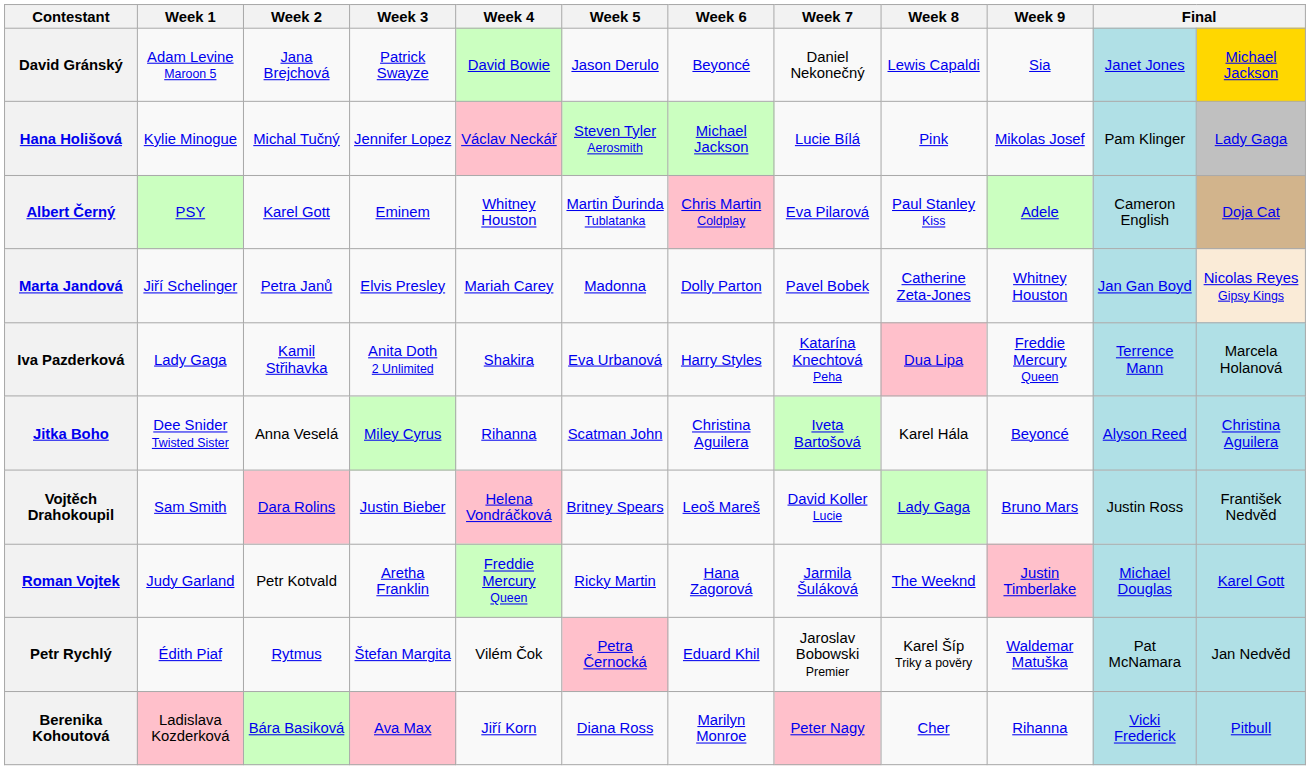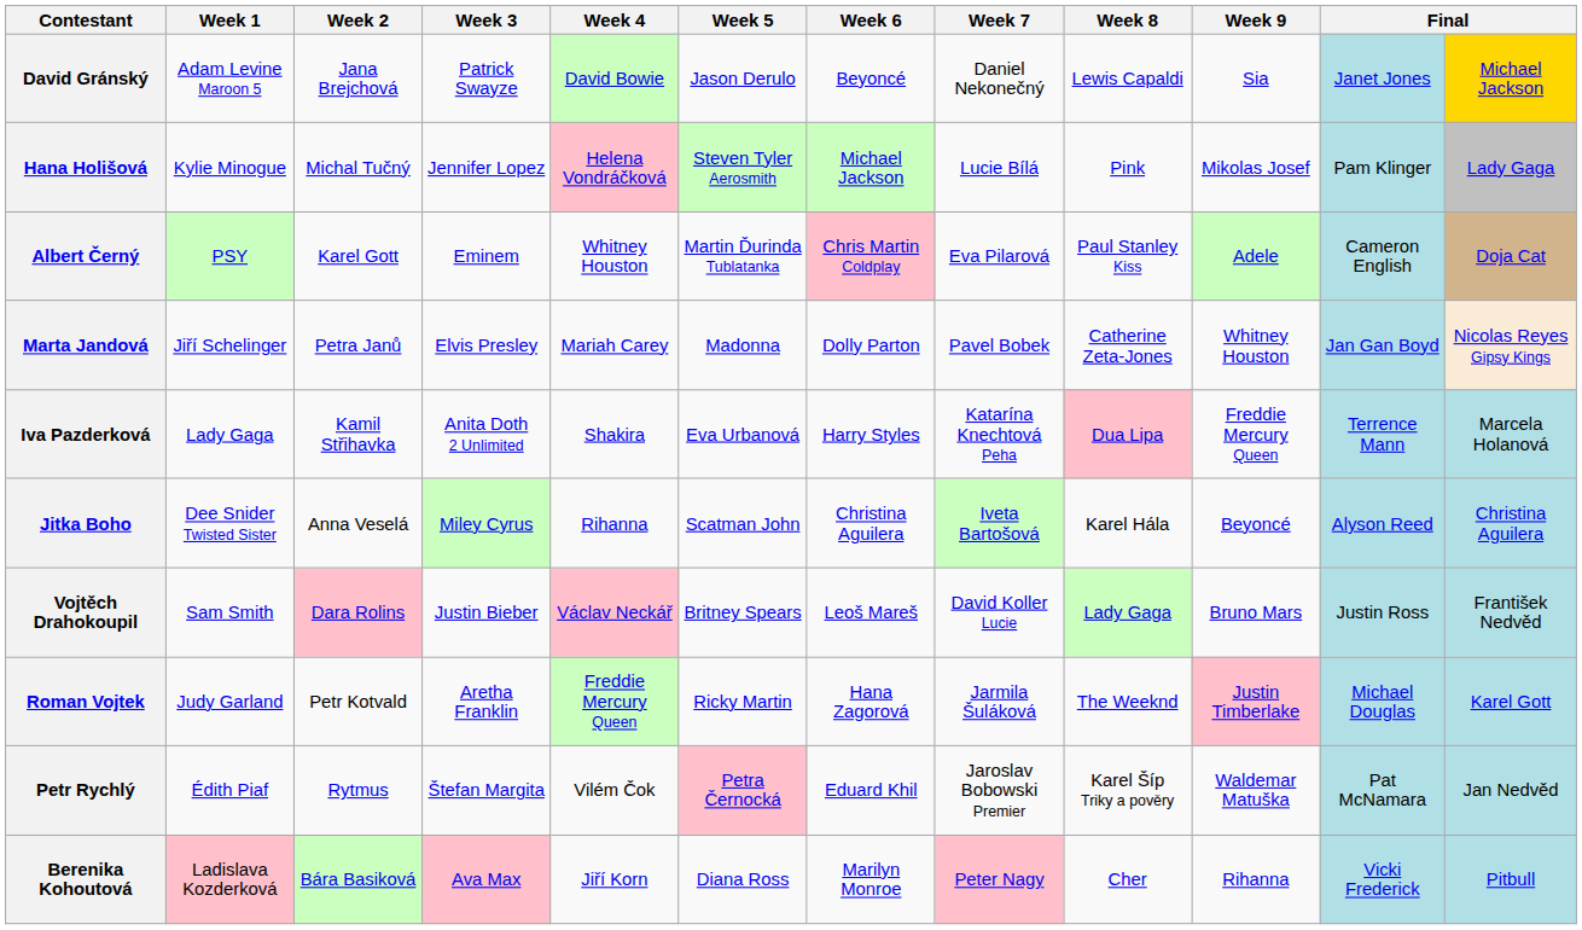 <table class="wikitable" style="font-size:90%; text-align:center; margin-left: auto; margin-right: auto">
 <tr>
 <th style="width: 10%;">Contestant</th>
 <th style="width: 8%;">Week 1</th>
 <th style="width: 8%;">Week 2</th>
 <th style="width: 8%;">Week 3</th>
 <th style="width: 8%;">Week 4</th>
 <th style="width: 8%;">Week 5</th>
 <th style="width: 8%;">Week 6</th>
 <th style="width: 8%;">Week 7</th>
 <th style="width: 8%;">Week 8</th>
 <th style="width: 8%;">Week 9</th>
 <th colspan="2" style="width: 16%;">Final</th>
 </tr>
 <tr>
 <th style=height:4.5em>David Gránský</th>
 <td><a href='#'>Adam Levine</a><br><small><a href='#'>Maroon 5</a></small></td>
 <td><a href='#'>Jana Brejchová</a></td>
 <td><a href='#'>Patrick Swayze</a></td>
 <td style="background:#cbffc0;"><a href='#'>David Bowie</a></td>
 <td><a href='#'>Jason Derulo</a></td>
 <td><a href='#'>Beyoncé</a></td>
 <td>Daniel Nekonečný</td>
 <td><a href='#'>Lewis Capaldi</a></td>
 <td><a href='#'>Sia</a></td>
 <td style="background:#b0e0e6;"><a href='#'>Janet Jones</a></td>
 <td style="background:gold;"><a href='#'>Michael Jackson</a></td>
 </tr>
 <tr>
 <th style=height:4.5em><a href='#'>Hana Holišová</a></th>
 <td><a href='#'>Kylie Minogue</a></td>
 <td><a href='#'>Michal Tučný</a></td>
 <td><a href='#'>Jennifer Lopez</a></td>
-<td style="background:pink;"><a href='#'>Václav Neckář</a></td>
+<td style="background:pink"><a href='#'>Helena Vondráčková</a></td>
 <td style="background:#cbffc0"><a href='#'>Steven Tyler</a><br><small><a href='#'>Aerosmith</a></small></td>
 <td style="background:#cbffc0"><a href='#'>Michael Jackson</a></td>
 <td><a href='#'>Lucie Bílá</a></td>
 <td><a href='#'>Pink</a></td>
 <td><a href='#'>Mikolas Josef</a></td>
 <td style="background:#b0e0e6;">Pam Klinger</td>
 <td style="background:silver;"><a href='#'>Lady Gaga</a></td>
 </tr>
 <tr>
 <th style=height:4.5em><a href='#'>Albert Černý</a></th>
 <td style="background:#cbffc0"><a href='#'>PSY</a></td>
 <td><a href='#'>Karel Gott</a></td>
 <td><a href='#'>Eminem</a></td>
 <td><a href='#'>Whitney Houston</a></td>
 <td><a href='#'>Martin Ďurinda</a><br><small><a href='#'>Tublatanka</a></small></td>
 <td style="background:pink "><a href='#'>Chris Martin</a><br><small><a href='#'>Coldplay</a></small></td>
 <td><a href='#'>Eva Pilarová</a></td>
 <td><a href='#'>Paul Stanley</a><br><small><a href='#'>Kiss</a></small></td>
 <td style="background:#cbffc0"><a href='#'>Adele</a></td>
 <td style="background:#b0e0e6;">Cameron English</td>
 <td style="background:tan;"><a href='#'>Doja Cat</a></td>
 </tr>
 <tr>
 <th style=height:4.5em><a href='#'>Marta Jandová</a></th>
 <td><a href='#'>Jiří Schelinger</a></td>
 <td><a href='#'>Petra Janů</a></td>
 <td><a href='#'>Elvis Presley</a></td>
 <td><a href='#'>Mariah Carey</a></td>
 <td><a href='#'>Madonna</a></td>
 <td><a href='#'>Dolly Parton</a></td>
 <td><a href='#'>Pavel Bobek</a></td>
 <td><a href='#'>Catherine Zeta-Jones</a></td>
 <td><a href='#'>Whitney Houston</a></td>
 <td style="background:#b0e0e6;"><a href='#'>Jan Gan Boyd</a></td>
 <td style="background:antiquewhite;"><a href='#'>Nicolas Reyes</a><br><small><a href='#'>Gipsy Kings</a></small></td>
 </tr>
 <tr>
 <th style=height:4.5em>Iva Pazderková</th>
 <td><a href='#'>Lady Gaga</a></td>
 <td><a href='#'>Kamil Střihavka</a></td>
 <td><a href='#'>Anita Doth</a><br><small><a href='#'>2 Unlimited</a></small></td>
 <td><a href='#'>Shakira</a></td>
 <td><a href='#'>Eva Urbanová</a></td>
 <td><a href='#'>Harry Styles</a></td>
 <td><a href='#'>Katarína Knechtová</a><br><small><a href='#'>Peha</a></small></td>
 <td style="background:pink"><a href='#'>Dua Lipa</a></td>
 <td><a href='#'>Freddie Mercury</a><br><small><a href='#'>Queen</a></small></td>
 <td style="background:#b0e0e6;"><a href='#'>Terrence Mann</a></td>
 <td style="background:#b0e0e6">Marcela Holanová</td>
 </tr>
 <tr>
 <th style=height:4.5em><a href='#'>Jitka Boho</a></th>
 <td><a href='#'>Dee Snider</a><br><small><a href='#'>Twisted Sister</a></small></td>
 <td>Anna Veselá</td>
 <td style="background:#cbffc0"><a href='#'>Miley Cyrus</a></td>
 <td><a href='#'>Rihanna</a></td>
 <td><a href='#'>Scatman John</a></td>
 <td><a href='#'>Christina Aguilera</a></td>
 <td style="background:#cbffc0"><a href='#'>Iveta Bartošová</a></td>
 <td>Karel Hála</td>
 <td><a href='#'>Beyoncé</a></td>
 <td style="background:#b0e0e6;"><a href='#'>Alyson Reed</a></td>
 <td style="background:#b0e0e6"><a href='#'>Christina Aguilera</a></td>
 </tr>
 <tr>
 <th style=height:4.5em>Vojtěch Drahokoupil</th>
 <td><a href='#'>Sam Smith</a></td>
 <td style="background:pink"><a href='#'>Dara Rolins</a></td>
 <td><a href='#'>Justin Bieber</a></td>
-<td style="background:pink"><a href='#'>Helena Vondráčková</a></td>
+<td style="background:pink;"><a href='#'>Václav Neckář</a></td>
 <td><a href='#'>Britney Spears</a></td>
 <td><a href='#'>Leoš Mareš</a></td>
 <td><a href='#'>David Koller</a><br><small><a href='#'>Lucie</a></small></td>
 <td style="background:#cbffc0"><a href='#'>Lady Gaga</a></td>
 <td><a href='#'>Bruno Mars</a></td>
 <td style="background:#b0e0e6;">Justin Ross</td>
 <td style="background:#b0e0e6">František Nedvěd</td>
 </tr>
 <tr>
 <th style=height:4.5em><a href='#'>Roman Vojtek</a></th>
 <td><a href='#'>Judy Garland</a></td>
 <td>Petr Kotvald</td>
 <td><a href='#'>Aretha Franklin</a></td>
 <td style="background:#cbffc0;"><a href='#'>Freddie Mercury</a><br><small><a href='#'>Queen</a></small></td>
 <td><a href='#'>Ricky Martin</a></td>
 <td><a href='#'>Hana Zagorová</a></td>
 <td><a href='#'>Jarmila Šuláková</a></td>
 <td><a href='#'>The Weeknd</a></td>
 <td style="background:pink"><a href='#'>Justin Timberlake</a></td>
 <td style="background:#b0e0e6;"><a href='#'>Michael Douglas</a></td>
 <td style="background:#b0e0e6"><a href='#'>Karel Gott</a></td>
 </tr>
 <tr>
 <th style=height:4.5em>Petr Rychlý</th>
 <td><a href='#'>Édith Piaf</a></td>
 <td><a href='#'>Rytmus</a></td>
 <td><a href='#'>Štefan Margita</a></td>
 <td>Vilém Čok</td>
 <td style="background:pink"><a href='#'>Petra Černocká</a></td>
 <td><a href='#'>Eduard Khil</a></td>
 <td>Jaroslav Bobowski<br><small>Premier</small></td>
 <td>Karel Šíp<br><small>Triky a pověry</small></td>
 <td><a href='#'>Waldemar Matuška</a></td>
 <td style="background:#b0e0e6;">Pat McNamara</td>
 <td style="background:#b0e0e6">Jan Nedvěd</td>
 </tr>
 <tr>
 <th style=height:4.5em>Berenika Kohoutová</th>
 <td style="background:pink">Ladislava Kozderková</td>
 <td style="background:#cbffc0"><a href='#'>Bára Basiková</a></td>
 <td style="background:pink"><a href='#'>Ava Max</a></td>
 <td><a href='#'>Jiří Korn</a></td>
 <td><a href='#'>Diana Ross</a></td>
 <td><a href='#'>Marilyn Monroe</a></td>
 <td style="background:pink"><a href='#'>Peter Nagy</a></td>
 <td><a href='#'>Cher</a></td>
 <td><a href='#'>Rihanna</a></td>
 <td style="background:#b0e0e6;"><a href='#'>Vicki Frederick</a></td>
 <td style="background:#b0e0e6"><a href='#'>Pitbull</a></td>
 </tr>
 </table>
